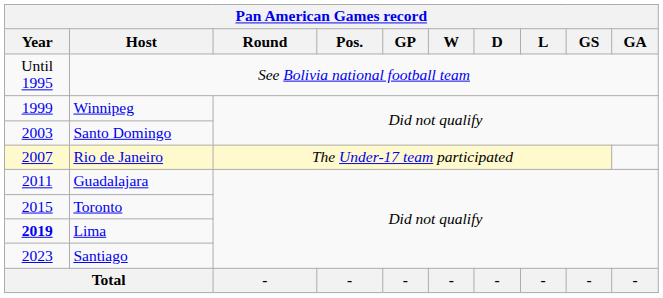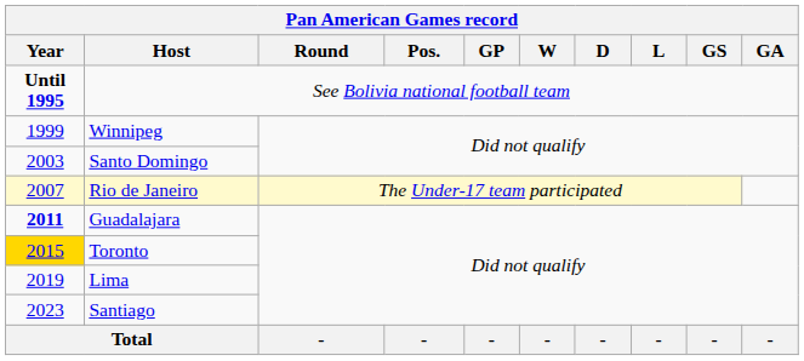 <table class="wikitable" style="text-align: center">
 <tr>
 <th colspan=10><a href='#'>Pan American Games record</a></th>
 </tr>
 <tr>
 <th width=60px>Year</th>
 <th width=140px>Host</th>
 <th width=100px>Round</th>
 <th width=60px>Pos.</th>
 <th width=40px>GP</th>
 <th width=40px>W</th>
 <th width=40px>D</th>
 <th width=40px>L</th>
 <th width=40px>GS</th>
 <th width=40px>GA</th>
 </tr>
 <tr>
-<td>Until <a href='#'>1995</a></td>
+<td><strong>Until <a href='#'>1995</a></strong></td>
 <td colspan=9><em>See <a href='#'>Bolivia national football team</a></em></td>
 </tr>
 <tr>
 <td><a href='#'>1999</a></td>
 <td align=left> <a href='#'>Winnipeg</a></td>
 <td colspan=8 rowspan=2><em>Did not qualify</em></td>
 </tr>
 <tr>
 <td><a href='#'>2003</a></td>
 <td align=left> <a href='#'>Santo Domingo</a></td>
 </tr>
 <tr style="background:LemonChiffon;">
 <td><a href='#'>2007</a></td>
 <td align=left> <a href='#'>Rio de Janeiro</a></td>
 <td colspan=7><em>The <a href='#'>Under-17 team</a> participated</em></td>
 </tr>
 <tr>
-<td><a href='#'>2011</a></td>
+<td><strong><a href='#'>2011</a></strong></td>
 <td align=left> <a href='#'>Guadalajara</a></td>
 <td colspan=8 rowspan=4><em>Did not qualify</em></td>
 </tr>
 <tr>
-<td><a href='#'>2015</a></td>
+<td style="background: gold;"><a href='#'>2015</a></td>
 <td align=left> <a href='#'>Toronto</a></td>
 </tr>
 <tr>
-<td><strong><a href='#'>2019</a></strong></td>
+<td><a href='#'>2019</a></td>
 <td align=left> <a href='#'>Lima</a></td>
 </tr>
 <tr>
 <td><a href='#'>2023</a></td>
 <td align=left> <a href='#'>Santiago</a></td>
 </tr>
 <tr>
 <th colspan=2>Total</th>
 <th>-</th>
 <th>-</th>
 <th>-</th>
 <th>-</th>
 <th>-</th>
 <th>-</th>
 <th>-</th>
 <th>-</th>
 </tr>
 </table>
